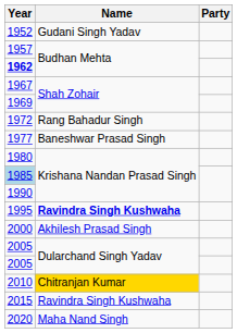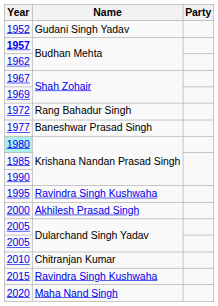 <table class="wikitable">
 <tr>
 <th>Year</th>
 <th>Name</th>
 <th colspan="2">Party</th>
 </tr>
 <tr>
 <td><a href='#'>1952</a></td>
 <td>Gudani Singh Yadav</td>
 <td></td>
 </tr>
 <tr>
-<td><a href='#'>1957</a></td>
+<td><strong><a href='#'>1957</a></strong></td>
 <td rowspan="2">Budhan Mehta</td>
 <td></td>
 </tr>
 <tr>
-<td><strong><a href='#'>1962</a></strong></td>
+<td><a href='#'>1962</a></td>
 </tr>
 <tr>
 <td><a href='#'>1967</a></td>
 <td rowspan="2"><a href='#'>Shah Zohair</a></td>
 <td></td>
 </tr>
 <tr>
 <td><a href='#'>1969</a></td>
 </tr>
 <tr>
 <td><a href='#'>1972</a></td>
 <td>Rang Bahadur Singh</td>
 <td></td>
 </tr>
 <tr>
 <td><a href='#'>1977</a></td>
 <td>Baneshwar Prasad Singh</td>
 <td></td>
 </tr>
 <tr>
-<td><a href='#'>1980</a></td>
+<td style="background: paleturquoise;"><a href='#'>1980</a></td>
 <td rowspan="3">Krishana Nandan Prasad Singh</td>
 <td></td>
 </tr>
 <tr>
-<td style="background: lightblue;"><a href='#'>1985</a></td>
+<td><a href='#'>1985</a></td>
 </tr>
 <tr>
 <td><a href='#'>1990</a></td>
 </tr>
 <tr>
 <td><a href='#'>1995</a></td>
-<td><strong><a href='#'>Ravindra Singh Kushwaha</a></strong></td>
+<td><a href='#'>Ravindra Singh Kushwaha</a></td>
 <td></td>
 </tr>
 <tr>
 <td><a href='#'>2000</a></td>
 <td><a href='#'>Akhilesh Prasad Singh</a></td>
 <td></td>
 </tr>
 <tr>
 <td><a href='#'>2005</a></td>
 <td rowspan="2">Dularchand Singh Yadav</td>
 <td></td>
 </tr>
 <tr>
 <td><a href='#'>2005</a></td>
 </tr>
 <tr>
 <td><a href='#'>2010</a></td>
-<td style="background: gold;">Chitranjan Kumar</td>
+<td>Chitranjan Kumar</td>
 <td></td>
 </tr>
 <tr>
 <td><a href='#'>2015</a></td>
 <td><a href='#'>Ravindra Singh Kushwaha</a></td>
 <td></td>
 </tr>
 <tr>
 <td><a href='#'>2020</a></td>
 <td><a href='#'>Maha Nand Singh</a></td>
 <td></td>
 </tr>
 </table>
